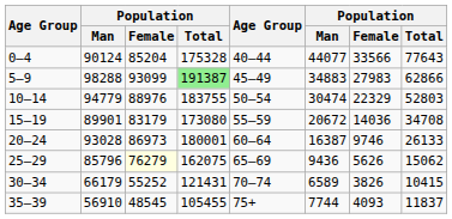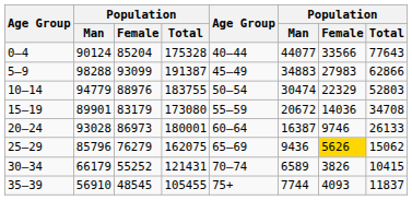 <table class="wikitable">
 <tr>
 <th rowspan="2">Age Group</th>
 <th colspan="3">Population</th>
 <th rowspan="2">Age Group</th>
 <th colspan="3">Population</th>
 </tr>
 <tr>
 <th>Man</th>
 <th>Female</th>
 <th>Total</th>
 <th>Man</th>
 <th>Female</th>
 <th>Total</th>
 </tr>
 <tr>
 <td>0–4</td>
 <td>90124</td>
 <td>85204</td>
 <td>175328</td>
 <td>40–44</td>
 <td>44077</td>
 <td>33566</td>
 <td>77643</td>
 </tr>
 <tr>
 <td>5–9</td>
 <td>98288</td>
 <td>93099</td>
-<td style="background: lightgreen;">191387</td>
+<td>191387</td>
 <td>45–49</td>
 <td>34883</td>
 <td>27983</td>
 <td>62866</td>
 </tr>
 <tr>
 <td>10–14</td>
 <td>94779</td>
 <td>88976</td>
 <td>183755</td>
 <td>50–54</td>
 <td>30474</td>
 <td>22329</td>
 <td>52803</td>
 </tr>
 <tr>
 <td>15–19</td>
 <td>89901</td>
 <td>83179</td>
 <td>173080</td>
 <td>55–59</td>
 <td>20672</td>
 <td>14036</td>
 <td>34708</td>
 </tr>
 <tr>
 <td>20–24</td>
 <td>93028</td>
 <td>86973</td>
 <td>180001</td>
 <td>60–64</td>
 <td>16387</td>
 <td>9746</td>
 <td>26133</td>
 </tr>
 <tr>
 <td>25–29</td>
 <td>85796</td>
-<td style="background: lightyellow;">76279</td>
+<td>76279</td>
 <td>162075</td>
 <td>65–69</td>
 <td>9436</td>
-<td>5626</td>
+<td style="background: gold;">5626</td>
 <td>15062</td>
 </tr>
 <tr>
 <td>30–34</td>
 <td>66179</td>
 <td>55252</td>
 <td>121431</td>
 <td>70–74</td>
 <td>6589</td>
 <td>3826</td>
 <td>10415</td>
 </tr>
 <tr>
 <td>35–39</td>
 <td>56910</td>
 <td>48545</td>
 <td>105455</td>
 <td>75+</td>
 <td>7744</td>
 <td>4093</td>
 <td>11837</td>
 </tr>
 </table>
